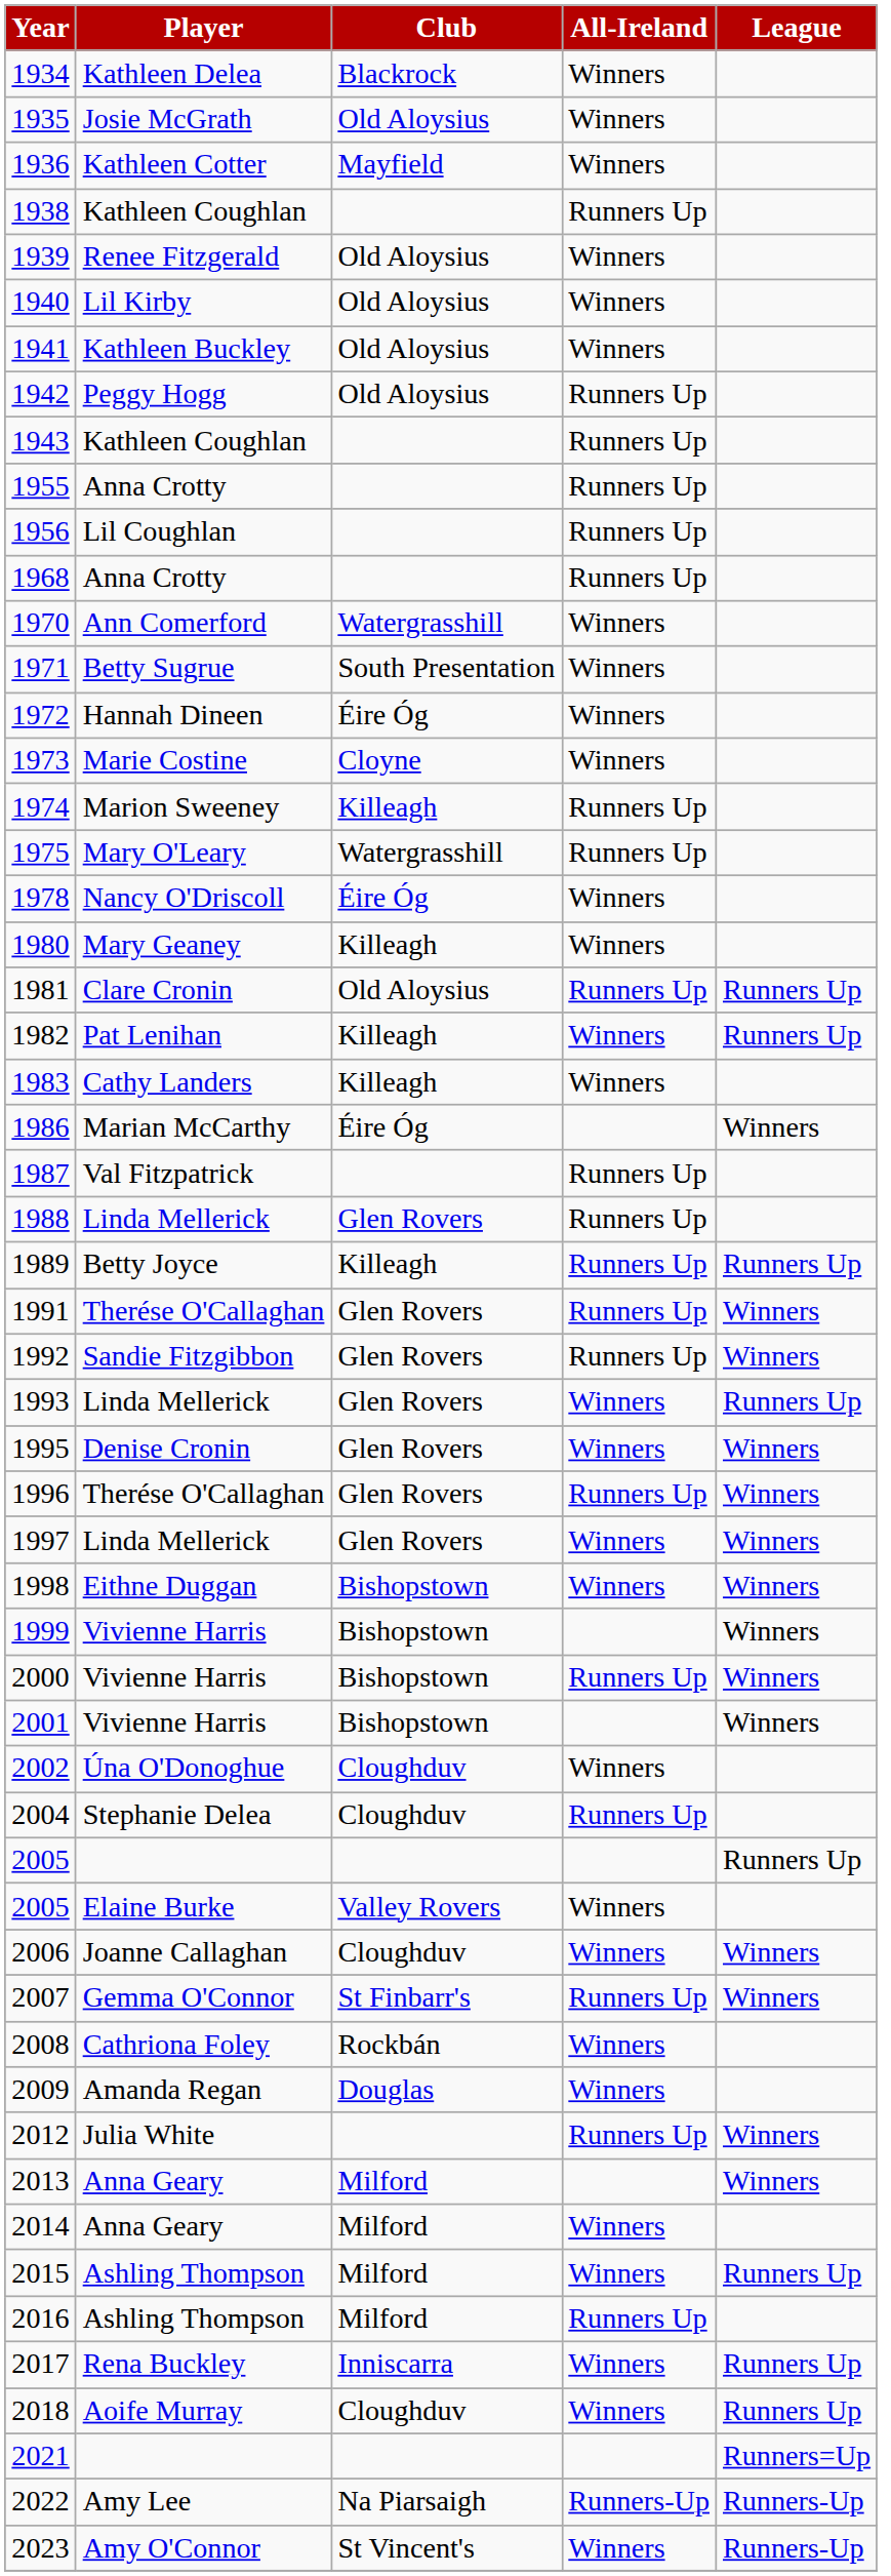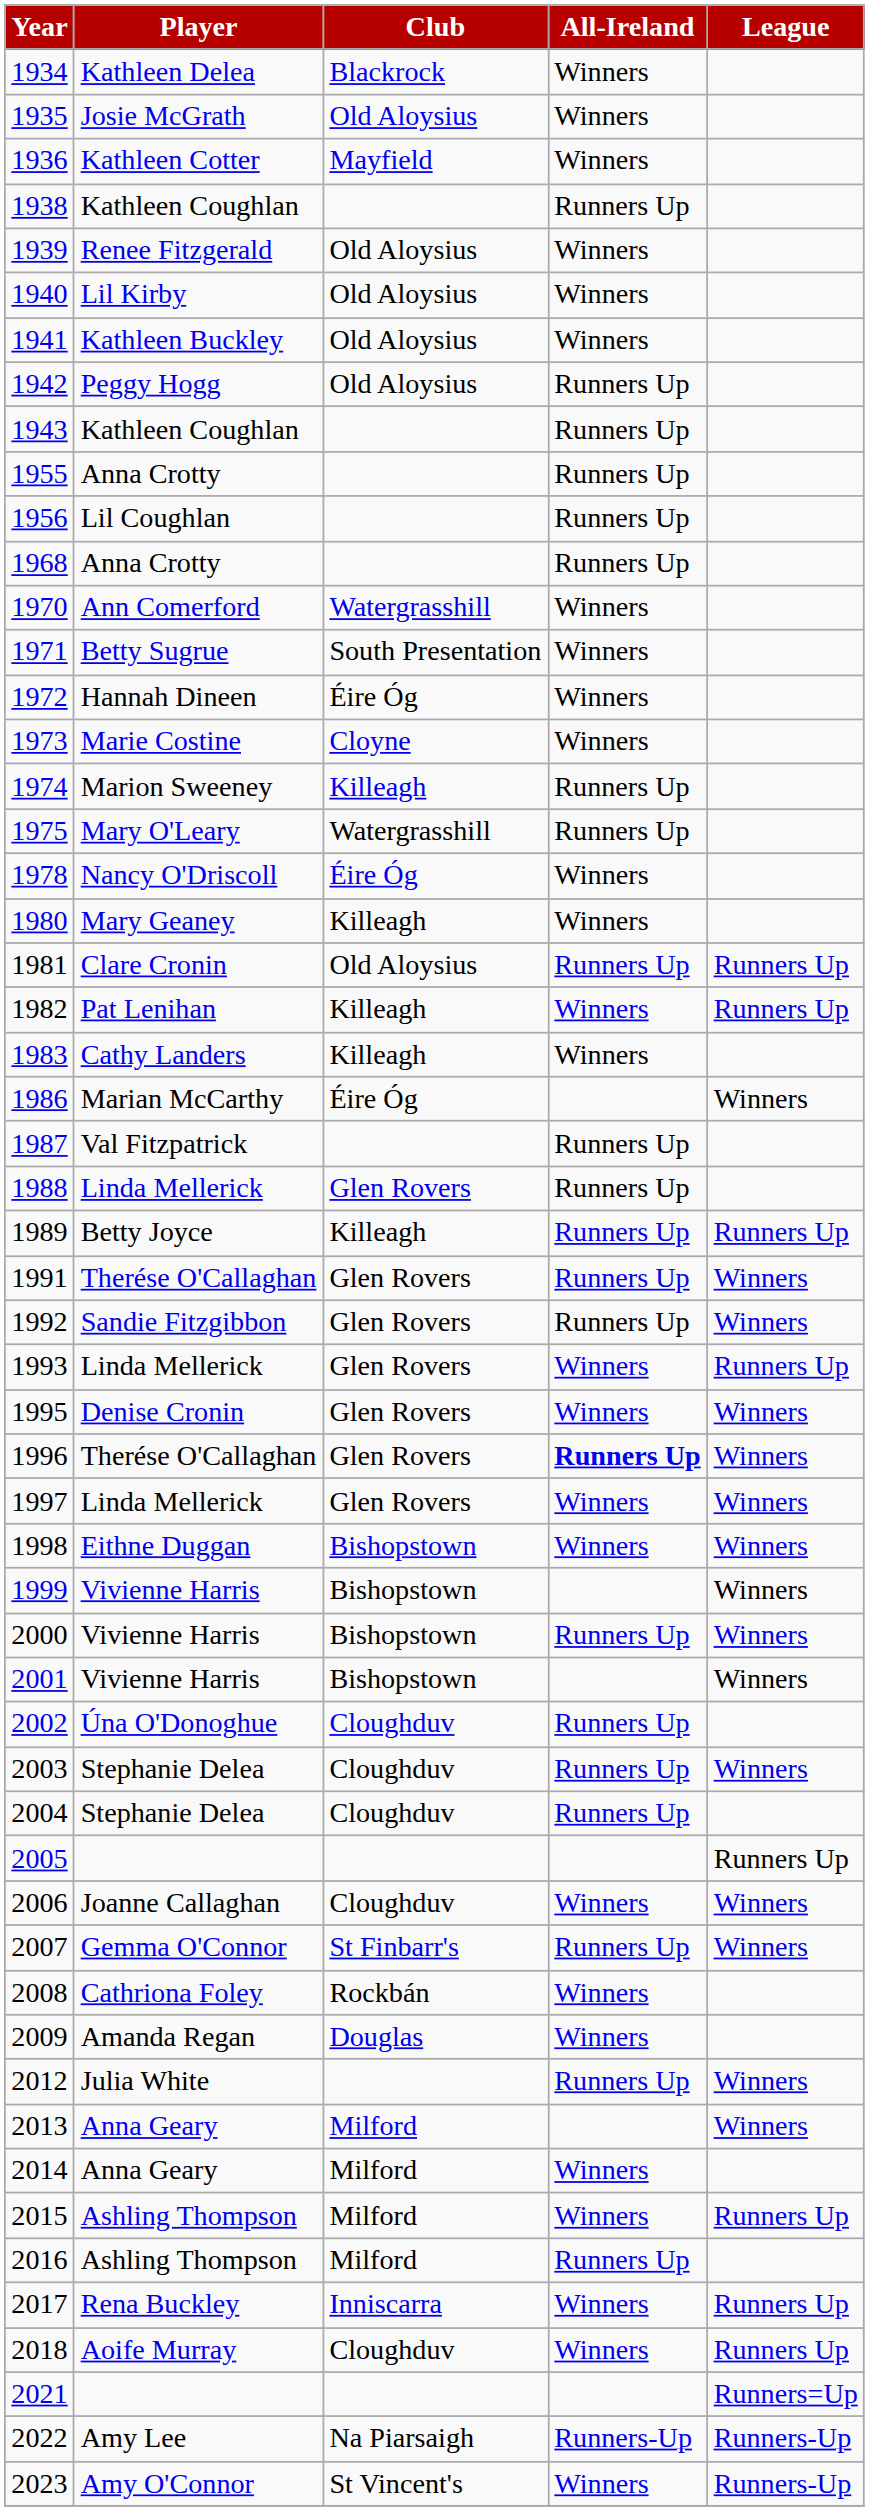 <table class="wikitable">
 <tr style="text-align:center;background:#B60000;color:white">
 <td><strong>Year</strong></td>
 <td><strong>Player</strong></td>
 <td><strong>Club</strong></td>
 <td><strong>All-Ireland</strong></td>
 <td><strong>League</strong></td>
 </tr>
 <tr>
 <td><a href='#'>1934</a></td>
 <td><a href='#'>Kathleen Delea</a> <em></em></td>
 <td><a href='#'>Blackrock</a></td>
 <td>Winners</td>
 <td></td>
 </tr>
 <tr>
 <td><a href='#'>1935</a></td>
 <td><a href='#'>Josie McGrath</a></td>
 <td><a href='#'>Old Aloysius</a></td>
 <td>Winners</td>
 <td></td>
 </tr>
 <tr>
 <td><a href='#'>1936</a></td>
 <td><a href='#'>Kathleen Cotter</a></td>
 <td><a href='#'>Mayfield</a></td>
 <td>Winners</td>
 <td></td>
 </tr>
 <tr>
 <td><a href='#'>1938</a></td>
 <td>Kathleen Coughlan</td>
 <td></td>
 <td>Runners Up</td>
 <td></td>
 </tr>
 <tr>
 <td><a href='#'>1939</a></td>
 <td><a href='#'>Renee Fitzgerald</a></td>
 <td>Old Aloysius</td>
 <td>Winners</td>
 <td></td>
 </tr>
 <tr>
 <td><a href='#'>1940</a></td>
 <td><a href='#'>Lil Kirby</a></td>
 <td>Old Aloysius</td>
 <td>Winners</td>
 <td></td>
 </tr>
 <tr>
 <td><a href='#'>1941</a></td>
 <td><a href='#'>Kathleen Buckley</a></td>
 <td>Old Aloysius</td>
 <td>Winners</td>
 <td></td>
 </tr>
 <tr>
 <td><a href='#'>1942</a></td>
 <td><a href='#'>Peggy Hogg</a></td>
 <td>Old Aloysius</td>
 <td>Runners Up</td>
 <td></td>
 </tr>
 <tr>
 <td><a href='#'>1943</a></td>
 <td>Kathleen Coughlan</td>
 <td></td>
 <td>Runners Up</td>
 <td></td>
 </tr>
 <tr>
 <td><a href='#'>1955</a></td>
 <td>Anna Crotty</td>
 <td></td>
 <td>Runners Up</td>
 <td></td>
 </tr>
 <tr>
 <td><a href='#'>1956</a></td>
 <td>Lil Coughlan</td>
 <td></td>
 <td>Runners Up</td>
 <td></td>
 </tr>
 <tr>
 <td><a href='#'>1968</a></td>
 <td>Anna Crotty</td>
 <td></td>
 <td>Runners Up</td>
 <td></td>
 </tr>
 <tr>
 <td><a href='#'>1970</a></td>
 <td><a href='#'>Ann Comerford</a></td>
 <td><a href='#'>Watergrasshill</a></td>
 <td>Winners</td>
 <td></td>
 </tr>
 <tr>
 <td><a href='#'>1971</a></td>
 <td><a href='#'>Betty Sugrue</a></td>
 <td>South Presentation</td>
 <td>Winners</td>
 <td></td>
 </tr>
 <tr>
 <td><a href='#'>1972</a></td>
 <td>Hannah Dineen</td>
 <td>Éire Óg</td>
 <td>Winners</td>
 <td></td>
 </tr>
 <tr>
 <td><a href='#'>1973</a></td>
 <td><a href='#'>Marie Costine</a></td>
 <td><a href='#'>Cloyne</a></td>
 <td>Winners</td>
 <td></td>
 </tr>
 <tr>
 <td><a href='#'>1974</a></td>
 <td>Marion Sweeney</td>
 <td><a href='#'>Killeagh</a></td>
 <td>Runners Up</td>
 <td></td>
 </tr>
 <tr>
 <td><a href='#'>1975</a></td>
 <td><a href='#'>Mary O'Leary</a></td>
 <td>Watergrasshill</td>
 <td>Runners Up</td>
 <td></td>
 </tr>
 <tr>
 <td><a href='#'>1978</a></td>
 <td><a href='#'>Nancy O'Driscoll</a></td>
 <td><a href='#'>Éire Óg</a></td>
 <td>Winners</td>
 <td></td>
 </tr>
 <tr>
 <td><a href='#'>1980</a></td>
 <td><a href='#'>Mary Geaney</a> <em></em></td>
 <td>Killeagh</td>
 <td>Winners</td>
 <td></td>
 </tr>
 <tr>
 <td>1981</td>
 <td><a href='#'>Clare Cronin</a></td>
 <td>Old Aloysius</td>
 <td><a href='#'>Runners Up</a></td>
 <td><a href='#'>Runners Up</a></td>
 </tr>
 <tr>
 <td>1982</td>
 <td><a href='#'>Pat Lenihan</a></td>
 <td>Killeagh</td>
 <td><a href='#'>Winners</a></td>
 <td><a href='#'>Runners Up</a></td>
 </tr>
 <tr>
 <td><a href='#'>1983</a></td>
 <td><a href='#'>Cathy Landers</a></td>
 <td>Killeagh</td>
 <td>Winners</td>
 <td></td>
 </tr>
 <tr>
 <td><a href='#'>1986</a></td>
 <td>Marian McCarthy</td>
 <td>Éire Óg</td>
 <td></td>
 <td>Winners</td>
 </tr>
 <tr>
 <td><a href='#'>1987</a></td>
 <td>Val Fitzpatrick</td>
 <td></td>
 <td>Runners Up</td>
 <td></td>
 </tr>
 <tr>
 <td><a href='#'>1988</a></td>
 <td><a href='#'>Linda Mellerick</a></td>
 <td><a href='#'>Glen Rovers</a></td>
 <td>Runners Up</td>
 <td></td>
 </tr>
 <tr>
 <td>1989</td>
 <td>Betty Joyce</td>
 <td>Killeagh</td>
 <td><a href='#'>Runners Up</a></td>
 <td><a href='#'>Runners Up</a></td>
 </tr>
 <tr>
 <td>1991</td>
 <td><a href='#'>Therése O'Callaghan</a></td>
 <td>Glen Rovers</td>
 <td><a href='#'>Runners Up</a></td>
 <td><a href='#'>Winners</a></td>
 </tr>
 <tr>
 <td>1992</td>
 <td><a href='#'>Sandie Fitzgibbon</a></td>
 <td>Glen Rovers</td>
 <td>Runners Up</td>
 <td><a href='#'>Winners</a></td>
 </tr>
 <tr>
 <td>1993</td>
 <td>Linda Mellerick</td>
 <td>Glen Rovers</td>
 <td><a href='#'>Winners</a></td>
 <td><a href='#'>Runners Up</a></td>
 </tr>
 <tr>
 <td>1995</td>
 <td><a href='#'>Denise Cronin</a></td>
 <td>Glen Rovers</td>
 <td><a href='#'>Winners</a></td>
 <td><a href='#'>Winners</a></td>
 </tr>
 <tr>
 <td>1996</td>
 <td>Therése O'Callaghan</td>
 <td>Glen Rovers</td>
-<td><a href='#'>Runners Up</a></td>
+<td><strong><a href='#'>Runners Up</a></strong></td>
 <td><a href='#'>Winners</a></td>
 </tr>
 <tr>
 <td>1997</td>
 <td>Linda Mellerick</td>
 <td>Glen Rovers</td>
 <td><a href='#'>Winners</a></td>
 <td><a href='#'>Winners</a></td>
 </tr>
 <tr>
 <td>1998</td>
 <td><a href='#'>Eithne Duggan</a></td>
 <td><a href='#'>Bishopstown</a></td>
 <td><a href='#'>Winners</a></td>
 <td><a href='#'>Winners</a></td>
 </tr>
 <tr>
 <td><a href='#'>1999</a></td>
 <td><a href='#'>Vivienne Harris</a></td>
 <td>Bishopstown</td>
 <td></td>
 <td>Winners</td>
 </tr>
 <tr>
 <td>2000</td>
 <td>Vivienne Harris</td>
 <td>Bishopstown</td>
 <td><a href='#'>Runners Up</a></td>
 <td><a href='#'>Winners</a></td>
 </tr>
 <tr>
 <td><a href='#'>2001</a></td>
 <td>Vivienne Harris</td>
 <td>Bishopstown</td>
 <td></td>
 <td>Winners</td>
 </tr>
 <tr>
 <td><a href='#'>2002</a></td>
 <td><a href='#'>Úna O'Donoghue</a></td>
 <td><a href='#'>Cloughduv</a></td>
-<td>Winners</td>
+<td><a href='#'>Runners Up</a></td>
 <td></td>
+</tr>
+<tr>
+<td>2003</td>
+<td>Stephanie Delea <em></em></td>
+<td>Cloughduv</td>
+<td><a href='#'>Runners Up</a></td>
+<td><a href='#'>Winners</a></td>
 </tr>
 <tr>
 <td>2004</td>
 <td>Stephanie Delea</td>
 <td>Cloughduv</td>
 <td><a href='#'>Runners Up</a></td>
 <td></td>
 </tr>
 <tr>
 <td><a href='#'>2005</a></td>
 <td></td>
 <td></td>
 <td></td>
 <td>Runners Up</td>
-</tr>
-<tr>
-<td><a href='#'>2005</a></td>
-<td><a href='#'>Elaine Burke</a></td>
-<td><a href='#'>Valley Rovers</a></td>
-<td>Winners</td>
-<td></td>
 </tr>
 <tr>
 <td>2006</td>
 <td>Joanne Callaghan</td>
 <td>Cloughduv</td>
 <td><a href='#'>Winners</a></td>
 <td><a href='#'>Winners</a></td>
 </tr>
 <tr>
 <td>2007</td>
 <td><a href='#'>Gemma O'Connor</a></td>
 <td><a href='#'>St Finbarr's</a></td>
 <td><a href='#'>Runners Up</a></td>
 <td><a href='#'>Winners</a></td>
 </tr>
 <tr>
 <td>2008</td>
 <td><a href='#'>Cathriona Foley</a></td>
 <td>Rockbán</td>
 <td><a href='#'>Winners</a></td>
 <td></td>
 </tr>
 <tr>
 <td>2009</td>
 <td>Amanda Regan</td>
 <td><a href='#'>Douglas</a></td>
 <td><a href='#'>Winners</a></td>
 <td></td>
 </tr>
 <tr>
 <td>2012</td>
 <td>Julia White</td>
 <td></td>
 <td><a href='#'>Runners Up</a></td>
 <td><a href='#'>Winners</a></td>
 </tr>
 <tr>
 <td>2013</td>
 <td><a href='#'>Anna Geary</a></td>
 <td><a href='#'>Milford</a></td>
 <td></td>
 <td><a href='#'>Winners</a></td>
 </tr>
 <tr>
 <td>2014</td>
 <td>Anna Geary</td>
 <td>Milford</td>
 <td><a href='#'>Winners</a></td>
 <td></td>
 </tr>
 <tr>
 <td>2015</td>
 <td><a href='#'>Ashling Thompson</a></td>
 <td>Milford</td>
 <td><a href='#'>Winners</a></td>
 <td><a href='#'>Runners Up</a></td>
 </tr>
 <tr>
 <td>2016</td>
 <td>Ashling Thompson</td>
 <td>Milford</td>
 <td><a href='#'>Runners Up</a></td>
 <td></td>
 </tr>
 <tr>
 <td>2017</td>
 <td><a href='#'>Rena Buckley</a> <em></em></td>
 <td><a href='#'>Inniscarra</a></td>
 <td><a href='#'>Winners</a></td>
 <td><a href='#'>Runners Up</a></td>
 </tr>
 <tr>
 <td>2018</td>
 <td><a href='#'>Aoife Murray</a></td>
 <td>Cloughduv</td>
 <td><a href='#'>Winners</a></td>
 <td><a href='#'>Runners Up</a></td>
 </tr>
 <tr>
 <td><a href='#'>2021</a></td>
 <td></td>
 <td></td>
 <td></td>
 <td><a href='#'>Runners=Up</a></td>
 </tr>
 <tr>
 <td>2022</td>
 <td>Amy Lee</td>
 <td>Na Piarsaigh</td>
 <td><a href='#'>Runners-Up</a></td>
 <td><a href='#'>Runners-Up</a></td>
 </tr>
 <tr>
 <td>2023</td>
 <td><a href='#'>Amy O'Connor</a></td>
 <td>St Vincent's</td>
 <td><a href='#'>Winners</a></td>
 <td><a href='#'>Runners-Up</a></td>
 </tr>
 <tr>
 </tr>
 </table>
